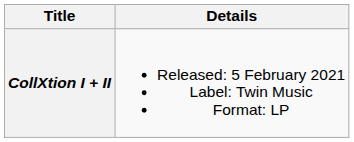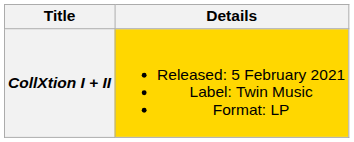 <table class="wikitable plainrowheaders" style="text-align:center;">
 <tr>
 <th>Title</th>
 <th>Details</th>
 </tr>
 <tr>
 <th scope="row"><em>CollXtion I + II</em></th>
-<td><br><ul><li>Released: 5 February 2021</li><li>Label: Twin Music</li><li>Format: LP</li></ul></td>
+<td style="background: gold;"><br><ul><li>Released: 5 February 2021</li><li>Label: Twin Music</li><li>Format: LP</li></ul></td>
 </tr>
 </table>
